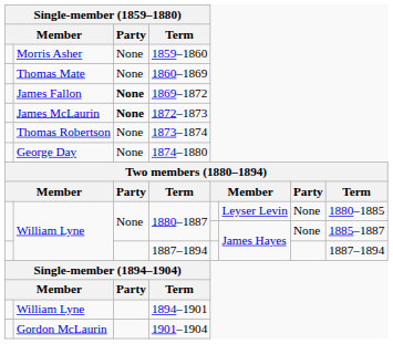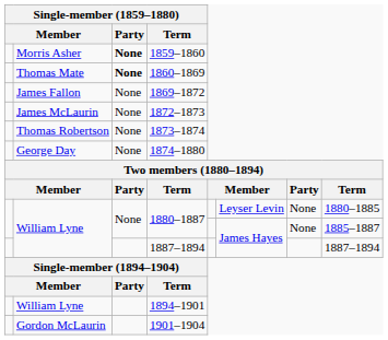 <table class="wikitable" style='border-style: none none none none;'>
 <tr>
 <th colspan="4">Single-member (1859–1880)</th>
 </tr>
 <tr>
 <th colspan="2">Member</th>
 <th>Party</th>
 <th>Term</th>
 </tr>
 <tr style="background: #f9f9f9">
 <td> </td>
 <td><a href='#'>Morris Asher</a></td>
-<td>None</td>
+<td><strong>None</strong></td>
 <td><a href='#'>1859</a>–1860</td>
 </tr>
 <tr style="background: #f9f9f9">
 <td> </td>
 <td><a href='#'>Thomas Mate</a></td>
-<td>None</td>
+<td><strong>None</strong></td>
 <td><a href='#'>1860</a>–1869</td>
 </tr>
 <tr style="background: #f9f9f9">
 <td> </td>
 <td><a href='#'>James Fallon</a></td>
-<td><strong>None</strong></td>
+<td>None</td>
 <td><a href='#'>1869</a>–1872</td>
 </tr>
 <tr style="background: #f9f9f9">
 <td> </td>
 <td><a href='#'>James McLaurin</a></td>
-<td><strong>None</strong></td>
+<td>None</td>
 <td><a href='#'>1872</a>–1873</td>
 </tr>
 <tr style="background: #f9f9f9">
 <td> </td>
 <td><a href='#'>Thomas Robertson</a></td>
 <td>None</td>
 <td><a href='#'>1873</a>–1874</td>
 </tr>
 <tr style="background: #f9f9f9">
 <td> </td>
 <td><a href='#'>George Day</a></td>
 <td>None</td>
 <td><a href='#'>1874</a>–1880</td>
 </tr>
 <tr>
 <th colspan="8">Two members (1880–1894)</th>
 </tr>
 <tr>
 <th colspan="2">Member</th>
 <th>Party</th>
 <th>Term</th>
 <th colspan="2">Member</th>
 <th>Party</th>
 <th>Term</th>
 </tr>
 <tr style="background: #f9f9f9">
 <td rowspan="2" > </td>
 <td rowspan="3"><a href='#'>William Lyne</a></td>
 <td rowspan="2">None</td>
 <td rowspan="2"><a href='#'>1880</a>–1887</td>
 <td> </td>
 <td><a href='#'>Leyser Levin</a></td>
 <td>None</td>
 <td><a href='#'>1880</a>–1885</td>
 </tr>
 <tr style="background: #f9f9f9">
 <td> </td>
 <td rowspan="2"><a href='#'>James Hayes</a></td>
 <td>None</td>
 <td><a href='#'>1885</a>–1887</td>
 </tr>
 <tr style="background: #f9f9f9">
 <td> </td>
 <td></td>
 <td>1887–1894</td>
 <td> </td>
 <td></td>
 <td>1887–1894</td>
 </tr>
 <tr>
 <th colspan="4">Single-member (1894–1904)</th>
 </tr>
 <tr>
 <th colspan="2">Member</th>
 <th>Party</th>
 <th>Term</th>
 </tr>
 <tr style="background: #f9f9f9">
 <td> </td>
 <td><a href='#'>William Lyne</a></td>
 <td></td>
 <td><a href='#'>1894</a>–1901</td>
 </tr>
 <tr style="background: #f9f9f9">
 <td> </td>
 <td><a href='#'>Gordon McLaurin</a></td>
 <td></td>
 <td><a href='#'>1901</a>–1904</td>
 </tr>
 </table>
